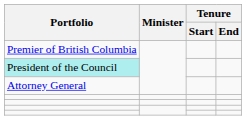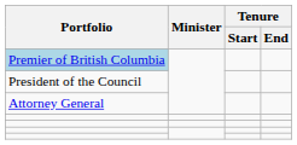 <table class="wikitable sortable">
 <tr>
 <th colspan="1" rowspan="2">Portfolio</th>
 <th rowspan="2">Minister</th>
 <th colspan="2">Tenure</th>
 </tr>
 <tr>
 <th>Start</th>
 <th>End</th>
 </tr>
 <tr>
-<td><a href='#'>Premier of British Columbia</a></td>
+<td style="background: lightblue;"><a href='#'>Premier of British Columbia</a></td>
 <td rowspan="3"></td>
 <td></td>
 <td></td>
 </tr>
 <tr>
-<td style="background: paleturquoise;">President of the Council</td>
+<td>President of the Council</td>
 <td></td>
 <td></td>
 </tr>
 <tr>
 <td><a href='#'>Attorney General</a></td>
 <td></td>
 <td></td>
 </tr>
 <tr>
 <td></td>
 <td></td>
 <td></td>
 <td></td>
 </tr>
 <tr>
 <td></td>
 <td></td>
 <td></td>
 <td></td>
 </tr>
 <tr>
 <td></td>
 <td rowspan="2"></td>
 <td></td>
 <td></td>
 </tr>
 <tr>
 <td></td>
 <td></td>
 <td></td>
 </tr>
 </table>
